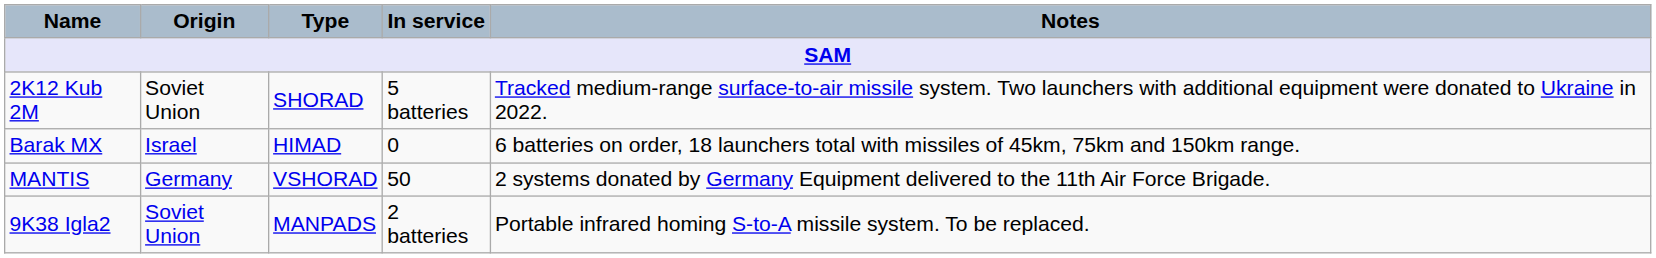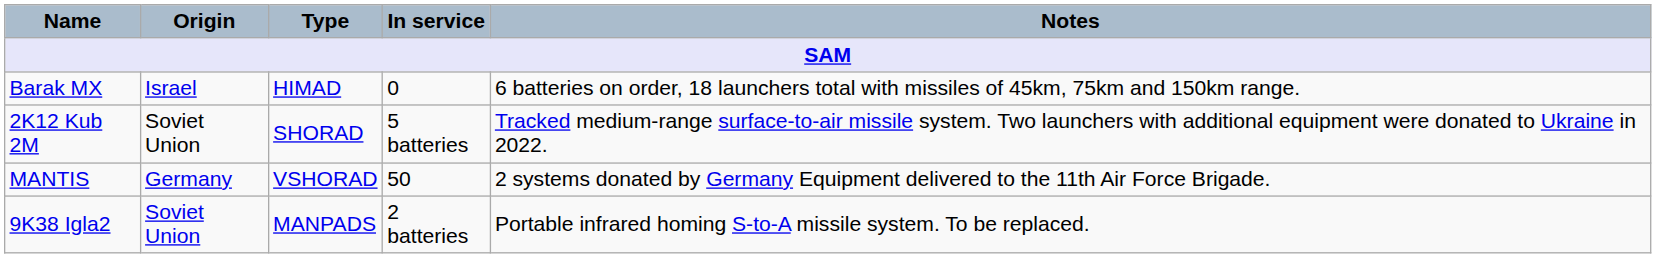 <table class="wikitable">
 <tr>
 <th style="text-align:center; background:#aabccc;">Name</th>
 <th style="text-align: center; background:#aabccc;">Origin</th>
 <th style="text-align:l center; background:#aabccc;">Type</th>
 <th style="text-align:l center; background:#aabccc;">In service</th>
 <th style="text-align: center; background:#aabccc;">Notes</th>
 </tr>
 <tr>
 <th colspan="5" style="align: center; background: lavender;"><a href='#'>SAM</a></th>
 </tr>
 <tr>
+<td><a href='#'>Barak MX</a></td>
+<td><a href='#'>Israel</a></td>
+<td><a href='#'>HIMAD</a></td>
+<td>0</td>
+<td>6 batteries on order, 18 launchers total with missiles of 45km, 75km and 150km range. </td>
+</tr>
+<tr>
 <td><a href='#'>2K12 Kub 2M</a></td>
 <td>Soviet Union</td>
 <td><a href='#'>SHORAD</a></td>
 <td>5 batteries</td>
 <td><a href='#'>Tracked</a> medium-range <a href='#'>surface-to-air missile</a> system. Two launchers with additional equipment were donated to <a href='#'>Ukraine</a> in 2022.</td>
-</tr>
-<tr>
-<td><a href='#'>Barak MX</a></td>
-<td><a href='#'>Israel</a></td>
-<td><a href='#'>HIMAD</a></td>
-<td>0</td>
-<td>6 batteries on order, 18 launchers total with missiles of 45km, 75km and 150km range. </td>
 </tr>
 <tr>
 <td><a href='#'>MANTIS</a></td>
 <td><a href='#'>Germany</a></td>
 <td><a href='#'>VSHORAD</a></td>
 <td>50</td>
 <td>2 systems donated by <a href='#'>Germany</a> Equipment delivered to the 11th Air Force Brigade.</td>
 </tr>
 <tr>
 <td><a href='#'>9K38 Igla2</a></td>
 <td><a href='#'>Soviet Union</a></td>
 <td><a href='#'>MANPADS</a></td>
 <td>2 batteries</td>
 <td>Portable infrared homing <a href='#'>S-to-A</a> missile system. To be replaced.</td>
 </tr>
 </table>
